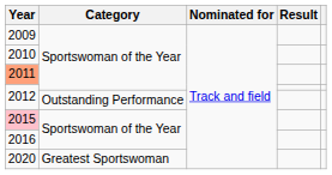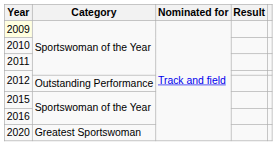 <table class="wikitable plainrowheaders">
 <tr>
 <th scope="col">Year</th>
 <th scope="col">Category</th>
 <th scope="col">Nominated for</th>
 <th scope="col">Result</th>
 <th scope="col"></th>
 </tr>
 <tr>
-<td align="center">2009</td>
+<td align="center" style="background: lightyellow;">2009</td>
 <td rowspan = "4">Sportswoman of the Year</td>
 <td rowspan = "8"><a href='#'>Track and field</a></td>
 <td></td>
 <td></td>
 </tr>
 <tr>
 <td align="center">2010</td>
 <td></td>
 <td></td>
 </tr>
 <tr>
-<td align="center" style="background: lightsalmon;">2011</td>
+<td align="center">2011</td>
 <td></td>
 <td></td>
 </tr>
 <tr>
 <td rowspan = "2" align="center">2012</td>
 <td></td>
 <td></td>
 </tr>
 <tr>
 <td>Outstanding Performance</td>
 <td></td>
 <td></td>
 </tr>
 <tr>
-<td align="center" style="background: pink;">2015</td>
+<td align="center">2015</td>
 <td rowspan = "2">Sportswoman of the Year</td>
 <td></td>
 <td></td>
 </tr>
 <tr>
 <td align="center">2016</td>
 <td></td>
 <td></td>
 </tr>
 <tr>
 <td align="center">2020</td>
 <td>Greatest Sportswoman</td>
 <td></td>
 <td></td>
 </tr>
 </table>
